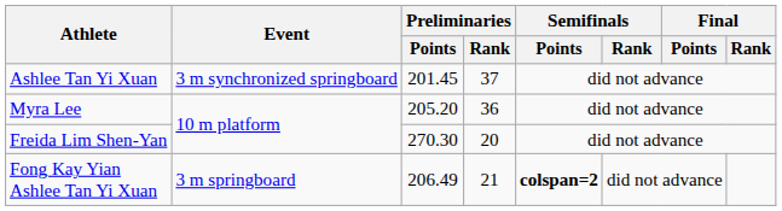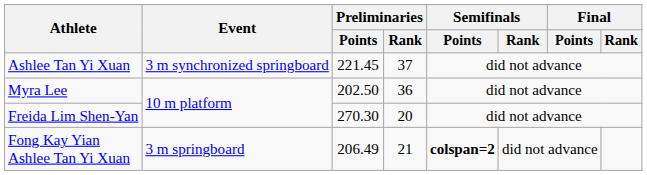 <table class=wikitable style="font-size:90%;">
 <tr>
 <th rowspan="2">Athlete</th>
 <th rowspan="2">Event</th>
 <th colspan="2">Preliminaries</th>
 <th colspan="2">Semifinals</th>
 <th colspan="2">Final</th>
 </tr>
 <tr style="font-size:95%">
 <th>Points</th>
 <th>Rank</th>
 <th>Points</th>
 <th>Rank</th>
 <th>Points</th>
 <th>Rank</th>
 </tr>
 <tr align=center>
 <td align=left><a href='#'>Ashlee Tan Yi Xuan</a></td>
 <td align=left><a href='#'>3 m synchronized springboard</a></td>
-<td>201.45</td>
+<td>221.45</td>
 <td>37</td>
 <td colspan=4>did not advance</td>
 </tr>
 <tr align=center>
 <td align=left><a href='#'>Myra Lee</a></td>
 <td align=left rowspan=2><a href='#'>10 m platform</a></td>
-<td>205.20</td>
+<td>202.50</td>
 <td>36</td>
 <td colspan=4>did not advance</td>
 </tr>
 <tr align=center>
 <td align=left><a href='#'>Freida Lim Shen-Yan</a></td>
 <td>270.30</td>
 <td>20</td>
 <td colspan=4>did not advance</td>
 </tr>
 <tr align=center>
 <td align=left><a href='#'>Fong Kay Yian</a><br><a href='#'>Ashlee Tan Yi Xuan</a></td>
 <td align=left><a href='#'>3 m springboard</a></td>
 <td>206.49</td>
 <td>21</td>
 <td><strong>colspan=2 </strong></td>
 <td colspan=2>did not advance</td>
 </tr>
 </table>
